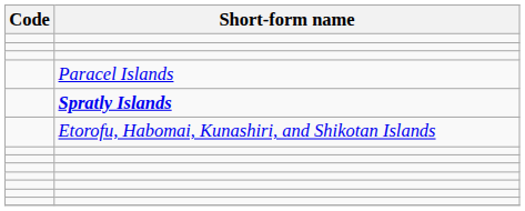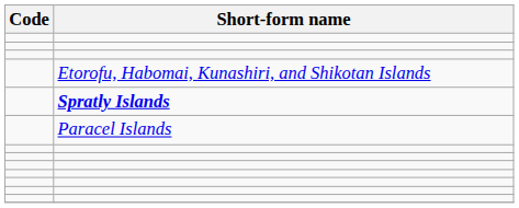 <table class="wikitable sortable">
 <tr>
 <th>Code</th>
 <th width=400px>Short-form name</th>
 </tr>
 <tr>
 <td></td>
 <td></td>
 </tr>
 <tr>
 <td></td>
 <td><em></em></td>
 </tr>
 <tr>
 <td></td>
 <td></td>
 </tr>
 <tr>
 <td></td>
-<td> <em><a href='#'>Paracel Islands</a></em></td>
+<td> <em><a href='#'>Etorofu, Habomai, Kunashiri, and Shikotan Islands</a></em></td>
 </tr>
 <tr>
 <td></td>
 <td><strong> <em><a href='#'>Spratly Islands</a></em></strong></td>
 </tr>
 <tr>
 <td></td>
-<td> <em><a href='#'>Etorofu, Habomai, Kunashiri, and Shikotan Islands</a></em></td>
+<td> <em><a href='#'>Paracel Islands</a></em></td>
 </tr>
 <tr>
 <td></td>
 <td></td>
 </tr>
 <tr>
 <td></td>
 <td></td>
 </tr>
 <tr>
 <td></td>
 <td></td>
 </tr>
 <tr>
 <td></td>
 <td></td>
 </tr>
 <tr>
 <td></td>
 <td></td>
 </tr>
 <tr>
 <td></td>
 <td></td>
 </tr>
 <tr>
 <td></td>
 <td></td>
 </tr>
 <tr>
 </tr>
 </table>
